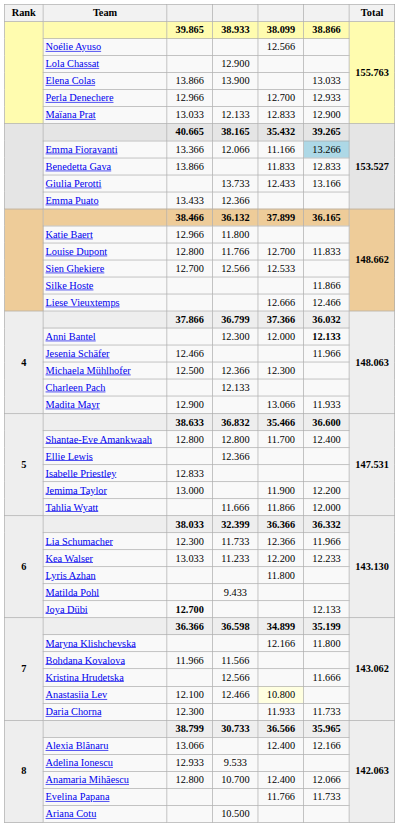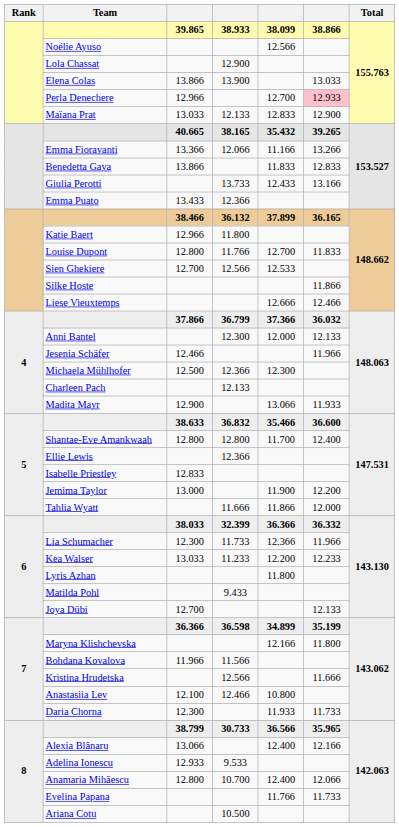 <table class="wikitable sortable" style="text-align:center; font-size:95%">
 <tr>
 <th scope="col" style="width:50px;">Rank</th>
 <th scope="col" style="width:175px;">Team</th>
 <th scope="col" style="width:60px;"></th>
 <th scope="col" style="width:60px;"></th>
 <th scope="col" style="width:60px;"></th>
 <th scope="col" style="width:60px;"></th>
 <th scope="col" style="width:60px;">Total</th>
 </tr>
 <tr style="background:#fffcaf;">
 <td rowspan="6"><strong></strong></td>
 <td style="text-align:left;"></td>
 <td><strong>39.865</strong></td>
 <td><strong>38.933</strong></td>
 <td><strong>38.099</strong></td>
 <td><strong>38.866</strong></td>
 <td rowspan="6"><strong>155.763</strong></td>
 </tr>
 <tr>
 <td style="text-align:left;"><a href='#'>Noélie Ayuso</a></td>
 <td></td>
 <td></td>
 <td>12.566</td>
 <td></td>
 </tr>
 <tr>
 <td style="text-align:left;"><a href='#'>Lola Chassat</a></td>
 <td></td>
 <td>12.900</td>
 <td></td>
 <td></td>
 </tr>
 <tr>
 <td style="text-align:left;"><a href='#'>Elena Colas</a></td>
 <td>13.866</td>
 <td>13.900</td>
 <td></td>
 <td>13.033</td>
 </tr>
 <tr>
 <td style="text-align:left;"><a href='#'>Perla Denechere</a></td>
 <td>12.966</td>
 <td></td>
 <td>12.700</td>
-<td>12.933</td>
+<td style="background: pink;">12.933</td>
 </tr>
 <tr>
 <td style="text-align:left;"><a href='#'>Maïana Prat</a></td>
 <td>13.033</td>
 <td>12.133</td>
 <td>12.833</td>
 <td>12.900</td>
 </tr>
 <tr style="background:#e5e5e5;">
 <td rowspan="5"><strong></strong></td>
 <td style="text-align:left;"></td>
 <td><strong>40.665</strong></td>
 <td><strong>38.165</strong></td>
 <td><strong>35.432</strong></td>
 <td><strong>39.265</strong></td>
 <td rowspan="5"><strong>153.527</strong></td>
 </tr>
 <tr>
 <td style="text-align:left;"><a href='#'>Emma Fioravanti</a></td>
 <td>13.366</td>
 <td>12.066</td>
 <td>11.166</td>
-<td style="background: lightblue;">13.266</td>
+<td>13.266</td>
 </tr>
 <tr>
 <td style="text-align:left;"><a href='#'>Benedetta Gava</a></td>
 <td>13.866</td>
 <td></td>
 <td>11.833</td>
 <td>12.833</td>
 </tr>
 <tr>
 <td style="text-align:left;"><a href='#'>Giulia Perotti</a></td>
 <td></td>
 <td>13.733</td>
 <td>12.433</td>
 <td>13.166</td>
 </tr>
 <tr>
 <td style="text-align:left;"><a href='#'>Emma Puato</a></td>
 <td>13.433</td>
 <td>12.366</td>
 <td></td>
 <td></td>
 </tr>
 <tr style="background:#ec9;">
 <td rowspan="6"><strong></strong></td>
 <td style="text-align:left;"></td>
 <td><strong>38.466</strong></td>
 <td><strong>36.132</strong></td>
 <td><strong>37.899</strong></td>
 <td><strong>36.165</strong></td>
 <td rowspan="6"><strong>148.662</strong></td>
 </tr>
 <tr>
 <td style="text-align:left;"><a href='#'>Katie Baert</a></td>
 <td>12.966</td>
 <td>11.800</td>
 <td></td>
 <td></td>
 </tr>
 <tr>
 <td style="text-align:left;"><a href='#'>Louise Dupont</a></td>
 <td>12.800</td>
 <td>11.766</td>
 <td>12.700</td>
 <td>11.833</td>
 </tr>
 <tr>
 <td style="text-align:left;"><a href='#'>Sien Ghekiere</a></td>
 <td>12.700</td>
 <td>12.566</td>
 <td>12.533</td>
 <td></td>
 </tr>
 <tr>
 <td style="text-align:left;"><a href='#'>Silke Hoste</a></td>
 <td></td>
 <td></td>
 <td></td>
 <td>11.866</td>
 </tr>
 <tr>
 <td style="text-align:left;"><a href='#'>Liese Vieuxtemps</a></td>
 <td></td>
 <td></td>
 <td>12.666</td>
 <td>12.466</td>
 </tr>
 <tr style="background:#eee;">
 <td rowspan="6"><strong>4</strong></td>
 <td style="text-align:left;"></td>
 <td><strong>37.866</strong></td>
 <td><strong>36.799</strong></td>
 <td><strong>37.366</strong></td>
 <td><strong>36.032</strong></td>
 <td rowspan="6"><strong>148.063</strong></td>
 </tr>
 <tr>
 <td style="text-align:left;"><a href='#'>Anni Bantel</a></td>
 <td></td>
 <td>12.300</td>
 <td>12.000</td>
-<td><strong>12.133</strong></td>
+<td>12.133</td>
 </tr>
 <tr>
 <td style="text-align:left;"><a href='#'>Jesenia Schäfer</a></td>
 <td>12.466</td>
 <td></td>
 <td></td>
 <td>11.966</td>
 </tr>
 <tr>
 <td style="text-align:left;"><a href='#'>Michaela Mühlhofer</a></td>
 <td>12.500</td>
 <td>12.366</td>
 <td>12.300</td>
 <td></td>
 </tr>
 <tr>
 <td style="text-align:left;"><a href='#'>Charleen Pach</a></td>
 <td></td>
 <td>12.133</td>
 <td></td>
 <td></td>
 </tr>
 <tr>
 <td style="text-align:left;"><a href='#'>Madita Mayr</a></td>
 <td>12.900</td>
 <td></td>
 <td>13.066</td>
 <td>11.933</td>
 </tr>
 <tr style="background:#eee;">
 <td rowspan="6"><strong>5</strong></td>
 <td style="text-align:left;"></td>
 <td><strong>38.633</strong></td>
 <td><strong>36.832</strong></td>
 <td><strong>35.466</strong></td>
 <td><strong>36.600</strong></td>
 <td rowspan="6"><strong>147.531</strong></td>
 </tr>
 <tr>
 <td style="text-align:left;"><a href='#'>Shantae-Eve Amankwaah</a></td>
 <td>12.800</td>
 <td>12.800</td>
 <td>11.700</td>
 <td>12.400</td>
 </tr>
 <tr>
 <td style="text-align:left;"><a href='#'>Ellie Lewis</a></td>
 <td></td>
 <td>12.366</td>
 <td></td>
 <td></td>
 </tr>
 <tr>
 <td style="text-align:left;"><a href='#'>Isabelle Priestley</a></td>
 <td>12.833</td>
 <td></td>
 <td></td>
 <td></td>
 </tr>
 <tr>
 <td style="text-align:left;"><a href='#'>Jemima Taylor</a></td>
 <td>13.000</td>
 <td></td>
 <td>11.900</td>
 <td>12.200</td>
 </tr>
 <tr>
 <td style="text-align:left;"><a href='#'>Tahlia Wyatt</a></td>
 <td></td>
 <td>11.666</td>
 <td>11.866</td>
 <td>12.000</td>
 </tr>
 <tr style="background:#eee;">
 <td rowspan="6"><strong>6</strong></td>
 <td style="text-align:left;"></td>
 <td><strong>38.033</strong></td>
 <td><strong>32.399</strong></td>
 <td><strong>36.366</strong></td>
 <td><strong>36.332</strong></td>
 <td rowspan="6"><strong>143.130</strong></td>
 </tr>
 <tr>
 <td style="text-align:left;"><a href='#'>Lia Schumacher</a></td>
 <td>12.300</td>
 <td>11.733</td>
 <td>12.366</td>
 <td>11.966</td>
 </tr>
 <tr>
 <td style="text-align:left;"><a href='#'>Kea Walser</a></td>
 <td>13.033</td>
 <td>11.233</td>
 <td>12.200</td>
 <td>12.233</td>
 </tr>
 <tr>
 <td style="text-align:left;"><a href='#'>Lyris Azhan</a></td>
 <td></td>
 <td></td>
 <td>11.800</td>
 <td></td>
 </tr>
 <tr>
 <td style="text-align:left;"><a href='#'>Matilda Pohl</a></td>
 <td></td>
 <td>9.433</td>
 <td></td>
 <td></td>
 </tr>
 <tr>
 <td style="text-align:left;"><a href='#'>Joya Dübi</a></td>
-<td><strong>12.700</strong></td>
+<td>12.700</td>
 <td></td>
 <td></td>
 <td>12.133</td>
 </tr>
 <tr style="background:#eee;">
 <td rowspan="6"><strong>7</strong></td>
 <td style="text-align:left;"></td>
 <td><strong>36.366</strong></td>
 <td><strong>36.598</strong></td>
 <td><strong>34.899</strong></td>
 <td><strong>35.199</strong></td>
 <td rowspan="6"><strong>143.062</strong></td>
 </tr>
 <tr>
 <td style="text-align:left;"><a href='#'>Maryna Klishchevska</a></td>
 <td></td>
 <td></td>
 <td>12.166</td>
 <td>11.800</td>
 </tr>
 <tr>
 <td style="text-align:left;"><a href='#'>Bohdana Kovalova</a></td>
 <td>11.966</td>
 <td>11.566</td>
 <td></td>
 <td></td>
 </tr>
 <tr>
 <td style="text-align:left;"><a href='#'>Kristina Hrudetska</a></td>
 <td></td>
 <td>12.566</td>
 <td></td>
 <td>11.666</td>
 </tr>
 <tr>
 <td style="text-align:left;"><a href='#'>Anastasiia Lev</a></td>
 <td>12.100</td>
 <td>12.466</td>
-<td style="background: lightyellow;">10.800</td>
+<td>10.800</td>
 <td></td>
 </tr>
 <tr>
 <td style="text-align:left;"><a href='#'>Daria Chorna</a></td>
 <td>12.300</td>
 <td></td>
 <td>11.933</td>
 <td>11.733</td>
 </tr>
 <tr style="background:#eee;">
 <td rowspan="6"><strong>8</strong></td>
 <td style="text-align:left;"></td>
 <td><strong>38.799</strong></td>
 <td><strong>30.733</strong></td>
 <td><strong>36.566</strong></td>
 <td><strong>35.965</strong></td>
 <td rowspan="6"><strong>142.063</strong></td>
 </tr>
 <tr>
 <td style="text-align:left;"><a href='#'>Alexia Blănaru</a></td>
 <td>13.066</td>
 <td></td>
 <td>12.400</td>
 <td>12.166</td>
 </tr>
 <tr>
 <td style="text-align:left;"><a href='#'>Adelina Ionescu</a></td>
 <td>12.933</td>
 <td>9.533</td>
 <td></td>
 <td></td>
 </tr>
 <tr>
 <td style="text-align:left;"><a href='#'>Anamaria Mihăescu</a></td>
 <td>12.800</td>
 <td>10.700</td>
 <td>12.400</td>
 <td>12.066</td>
 </tr>
 <tr>
 <td style="text-align:left;"><a href='#'>Evelina Papana</a></td>
 <td></td>
 <td></td>
 <td>11.766</td>
 <td>11.733</td>
 </tr>
 <tr>
 <td style="text-align:left;"><a href='#'>Ariana Cotu</a></td>
 <td></td>
 <td>10.500</td>
 <td></td>
 <td></td>
 </tr>
 </table>
